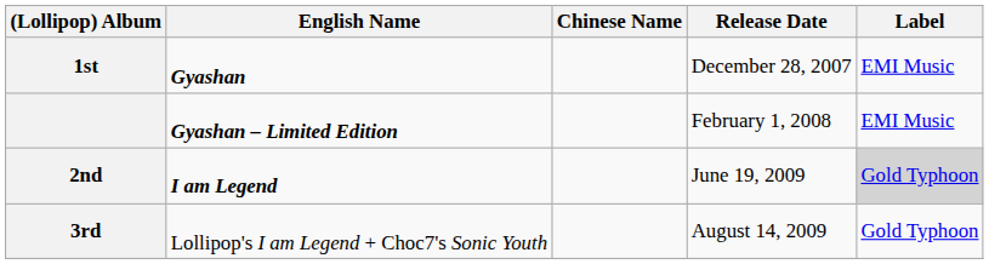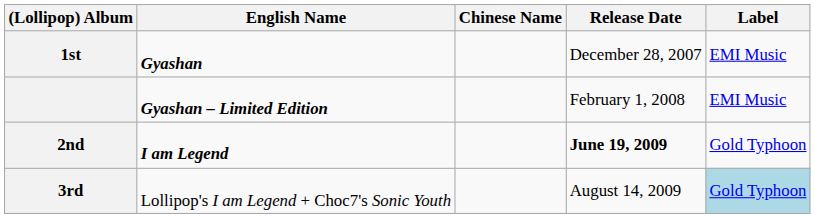 <table class="wikitable">
 <tr>
 <th>(Lollipop) Album</th>
 <th>English Name</th>
 <th>Chinese Name</th>
 <th>Release Date</th>
 <th>Label</th>
 </tr>
 <tr>
 <th>1st</th>
 <td><br><strong><em>Gyashan</em></strong></td>
 <td></td>
 <td>December 28, 2007</td>
 <td><a href='#'>EMI Music</a></td>
 </tr>
 <tr>
 <th></th>
 <td><br><strong><em>Gyashan – Limited Edition</em></strong></td>
 <td></td>
 <td>February 1, 2008</td>
 <td><a href='#'>EMI Music</a></td>
 </tr>
 <tr>
 <th>2nd</th>
 <td><br><strong><em>I am Legend</em></strong></td>
 <td></td>
-<td>June 19, 2009</td>
-<td style="background: lightgrey;"><a href='#'>Gold Typhoon</a></td>
+<td><strong>June 19, 2009</strong></td>
+<td><a href='#'>Gold Typhoon</a></td>
 </tr>
 <tr>
 <th>3rd</th>
 <td><br>Lollipop's <em>I am Legend</em> + Choc7's <em>Sonic Youth</em></td>
 <td></td>
 <td>August 14, 2009</td>
-<td><a href='#'>Gold Typhoon</a></td>
+<td style="background: lightblue;"><a href='#'>Gold Typhoon</a></td>
 </tr>
 <tr>
 </tr>
 </table>
